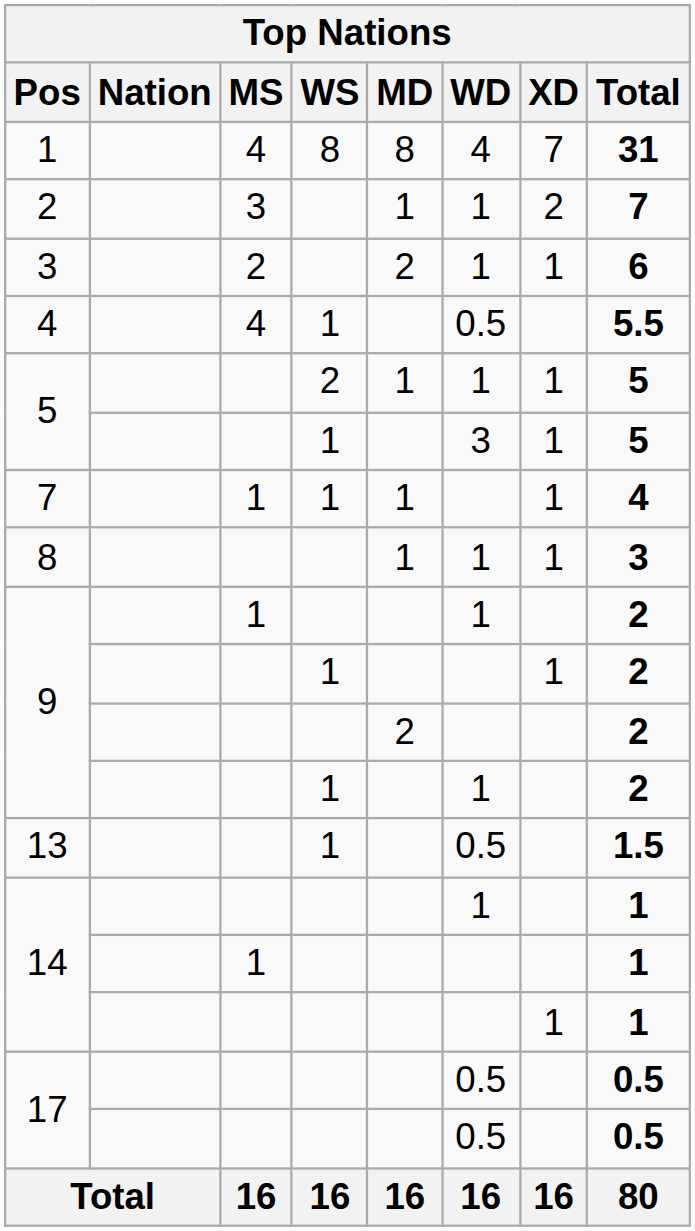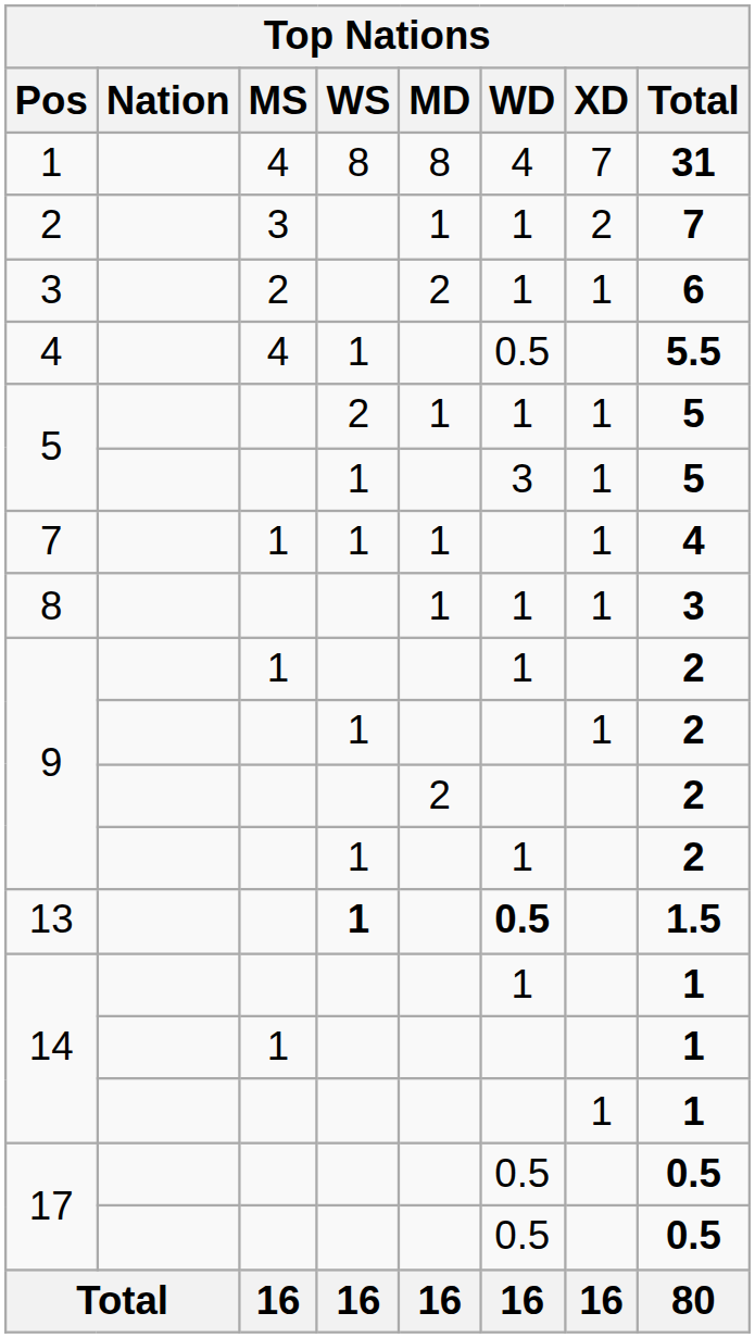 <table class="wikitable" style="text-align:center">
 <tr>
 <th colspan="10">Top Nations</th>
 </tr>
 <tr>
 <th>Pos</th>
 <th>Nation</th>
 <th>MS</th>
 <th>WS</th>
 <th>MD</th>
 <th>WD</th>
 <th>XD</th>
 <th>Total</th>
 </tr>
 <tr>
 <td>1</td>
 <td align="left"></td>
 <td>4</td>
 <td>8</td>
 <td>8</td>
 <td>4</td>
 <td>7</td>
 <td><strong>31</strong></td>
 </tr>
 <tr>
 <td>2</td>
 <td align="left"></td>
 <td>3</td>
 <td></td>
 <td>1</td>
 <td>1</td>
 <td>2</td>
 <td><strong>7</strong></td>
 </tr>
 <tr>
 <td>3</td>
 <td align="left"></td>
 <td>2</td>
 <td></td>
 <td>2</td>
 <td>1</td>
 <td>1</td>
 <td><strong>6</strong></td>
 </tr>
 <tr>
 <td>4</td>
 <td align="left"></td>
 <td>4</td>
 <td>1</td>
 <td></td>
 <td>0.5</td>
 <td></td>
 <td><strong>5.5</strong></td>
 </tr>
 <tr>
 <td rowspan="2">5</td>
 <td align="left"></td>
 <td></td>
 <td>2</td>
 <td>1</td>
 <td>1</td>
 <td>1</td>
 <td><strong>5</strong></td>
 </tr>
 <tr>
 <td align="left"></td>
 <td></td>
 <td>1</td>
 <td></td>
 <td>3</td>
 <td>1</td>
 <td><strong>5</strong></td>
 </tr>
 <tr>
 <td>7</td>
 <td align="left"></td>
 <td>1</td>
 <td>1</td>
 <td>1</td>
 <td></td>
 <td>1</td>
 <td><strong>4</strong></td>
 </tr>
 <tr>
 <td>8</td>
 <td align="left"></td>
 <td></td>
 <td></td>
 <td>1</td>
 <td>1</td>
 <td>1</td>
 <td><strong>3</strong></td>
 </tr>
 <tr>
 <td rowspan="4">9</td>
 <td align="left"><strong></strong></td>
 <td>1</td>
 <td></td>
 <td></td>
 <td>1</td>
 <td></td>
 <td><strong>2</strong></td>
 </tr>
 <tr>
 <td align="left"></td>
 <td></td>
 <td>1</td>
 <td></td>
 <td></td>
 <td>1</td>
 <td><strong>2</strong></td>
 </tr>
 <tr>
 <td align="left"></td>
 <td></td>
 <td></td>
 <td>2</td>
 <td></td>
 <td></td>
 <td><strong>2</strong></td>
 </tr>
 <tr>
 <td align="left"></td>
 <td></td>
 <td>1</td>
 <td></td>
 <td>1</td>
 <td></td>
 <td><strong>2</strong></td>
 </tr>
 <tr>
 <td>13</td>
 <td align="left"></td>
 <td></td>
-<td>1</td>
+<td><strong>1</strong></td>
 <td></td>
-<td>0.5</td>
+<td><strong>0.5</strong></td>
 <td></td>
 <td><strong>1.5</strong></td>
 </tr>
 <tr>
 <td rowspan="3">14</td>
 <td align="left"></td>
 <td></td>
 <td></td>
 <td></td>
 <td>1</td>
 <td></td>
 <td><strong>1</strong></td>
 </tr>
 <tr>
 <td align="left"></td>
 <td>1</td>
 <td></td>
 <td></td>
 <td></td>
 <td></td>
 <td><strong>1</strong></td>
 </tr>
 <tr>
 <td align="left"></td>
 <td></td>
 <td></td>
 <td></td>
 <td></td>
 <td>1</td>
 <td><strong>1</strong></td>
 </tr>
 <tr>
 <td rowspan="2">17</td>
 <td align="left"></td>
 <td></td>
 <td></td>
 <td></td>
 <td>0.5</td>
 <td></td>
 <td><strong>0.5</strong></td>
 </tr>
 <tr>
 <td align="left"></td>
 <td></td>
 <td></td>
 <td></td>
 <td>0.5</td>
 <td></td>
 <td><strong>0.5</strong></td>
 </tr>
 <tr>
 <th colspan="2">Total</th>
 <th>16</th>
 <th>16</th>
 <th>16</th>
 <th>16</th>
 <th>16</th>
 <th>80</th>
 </tr>
 </table>
